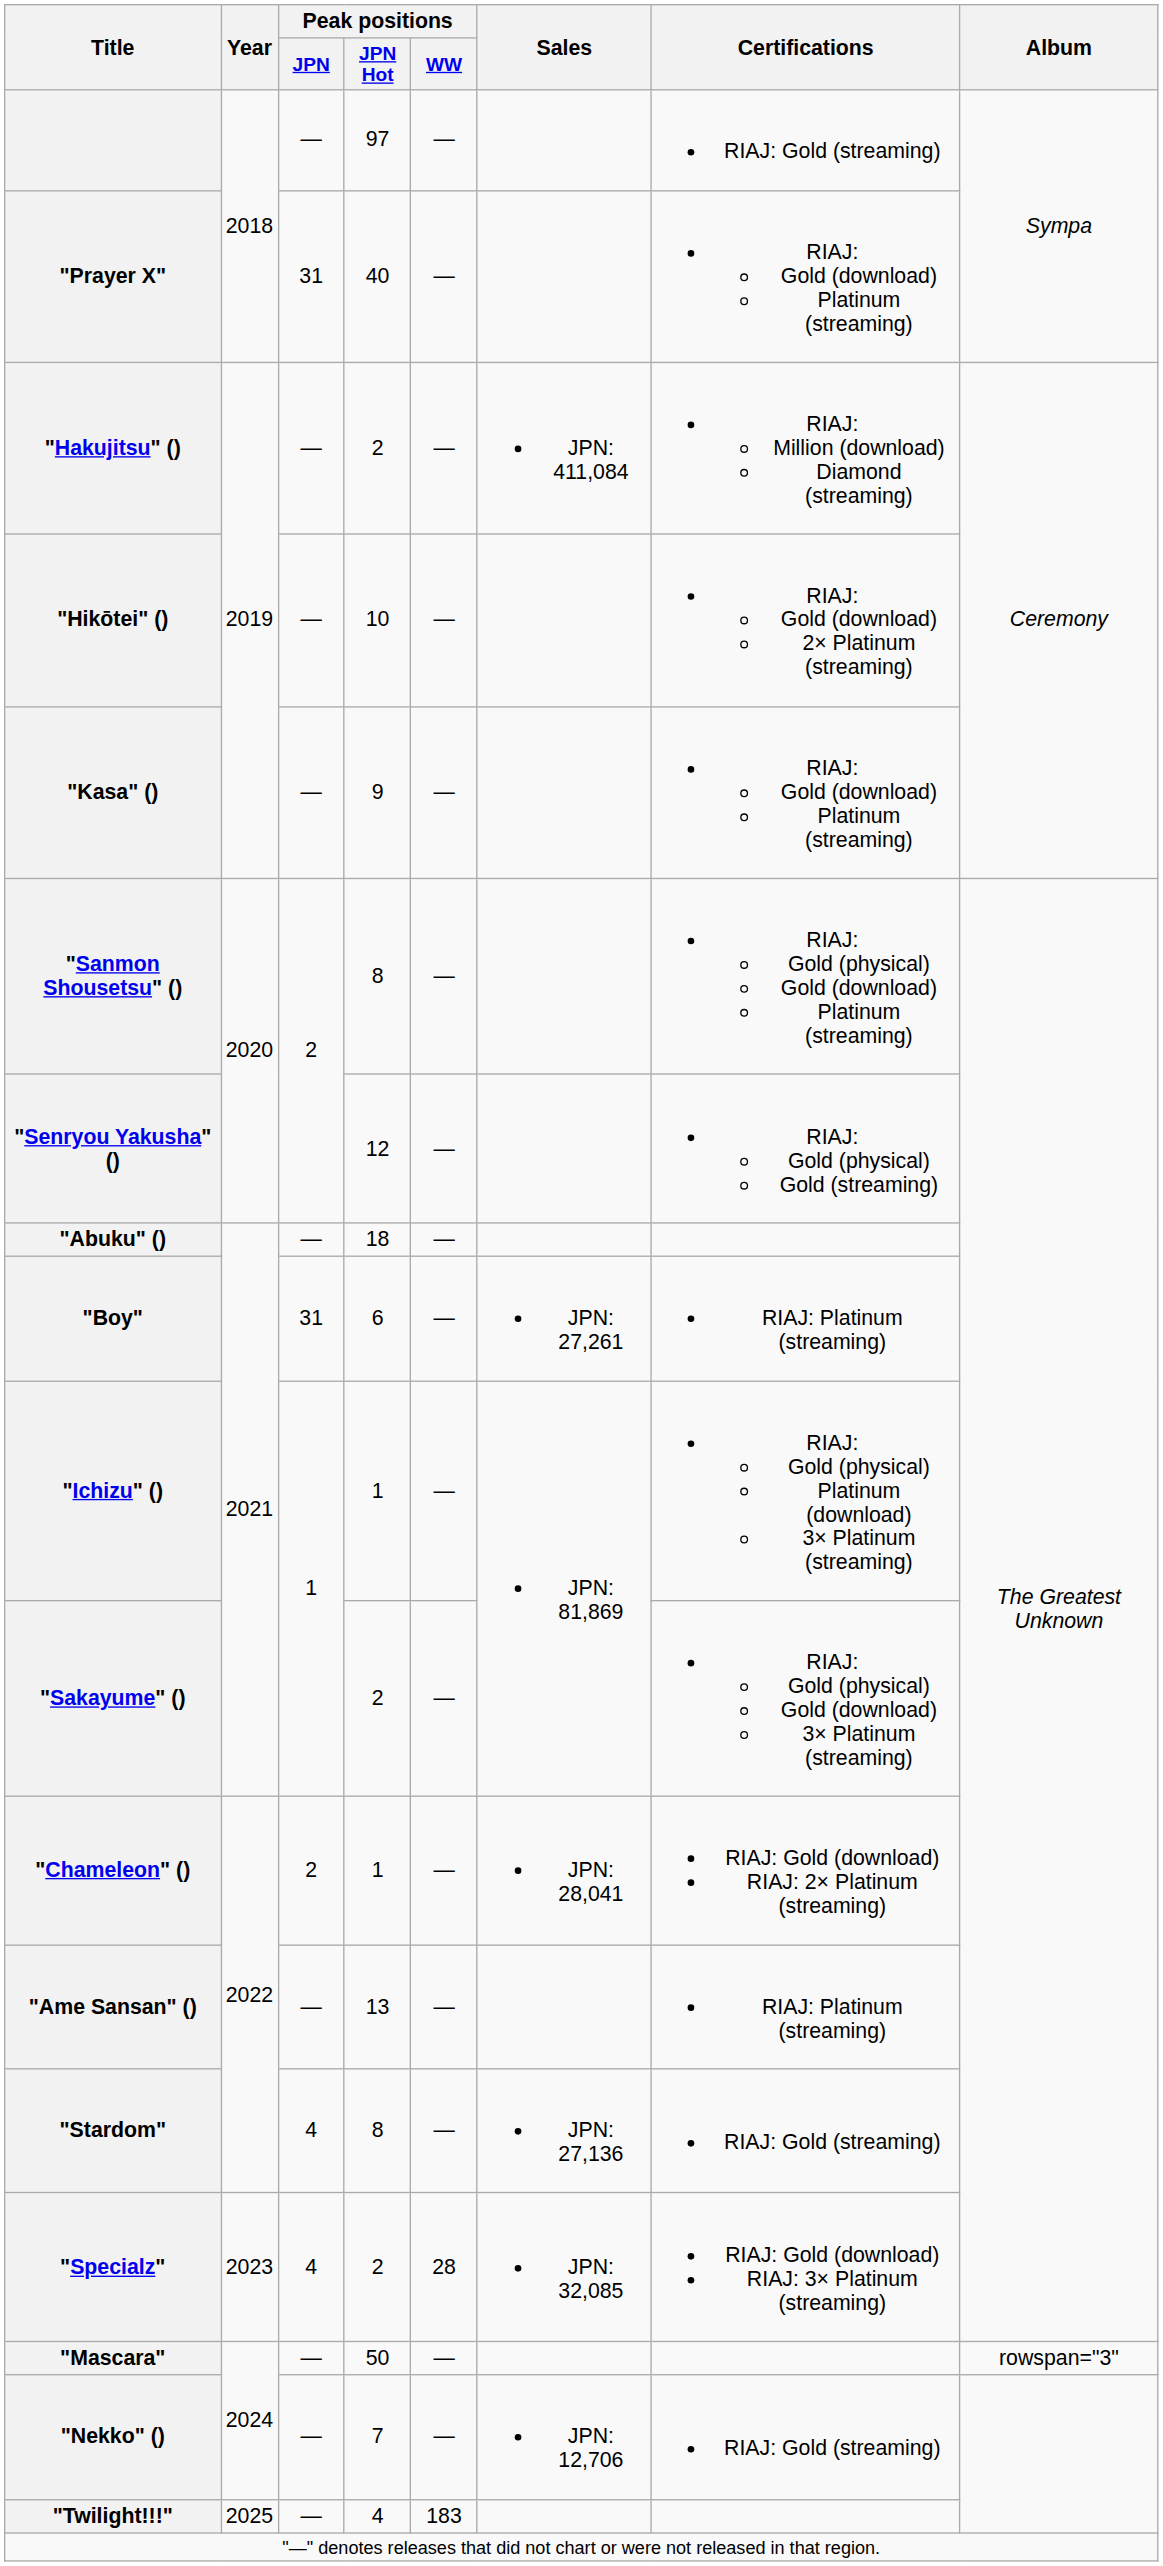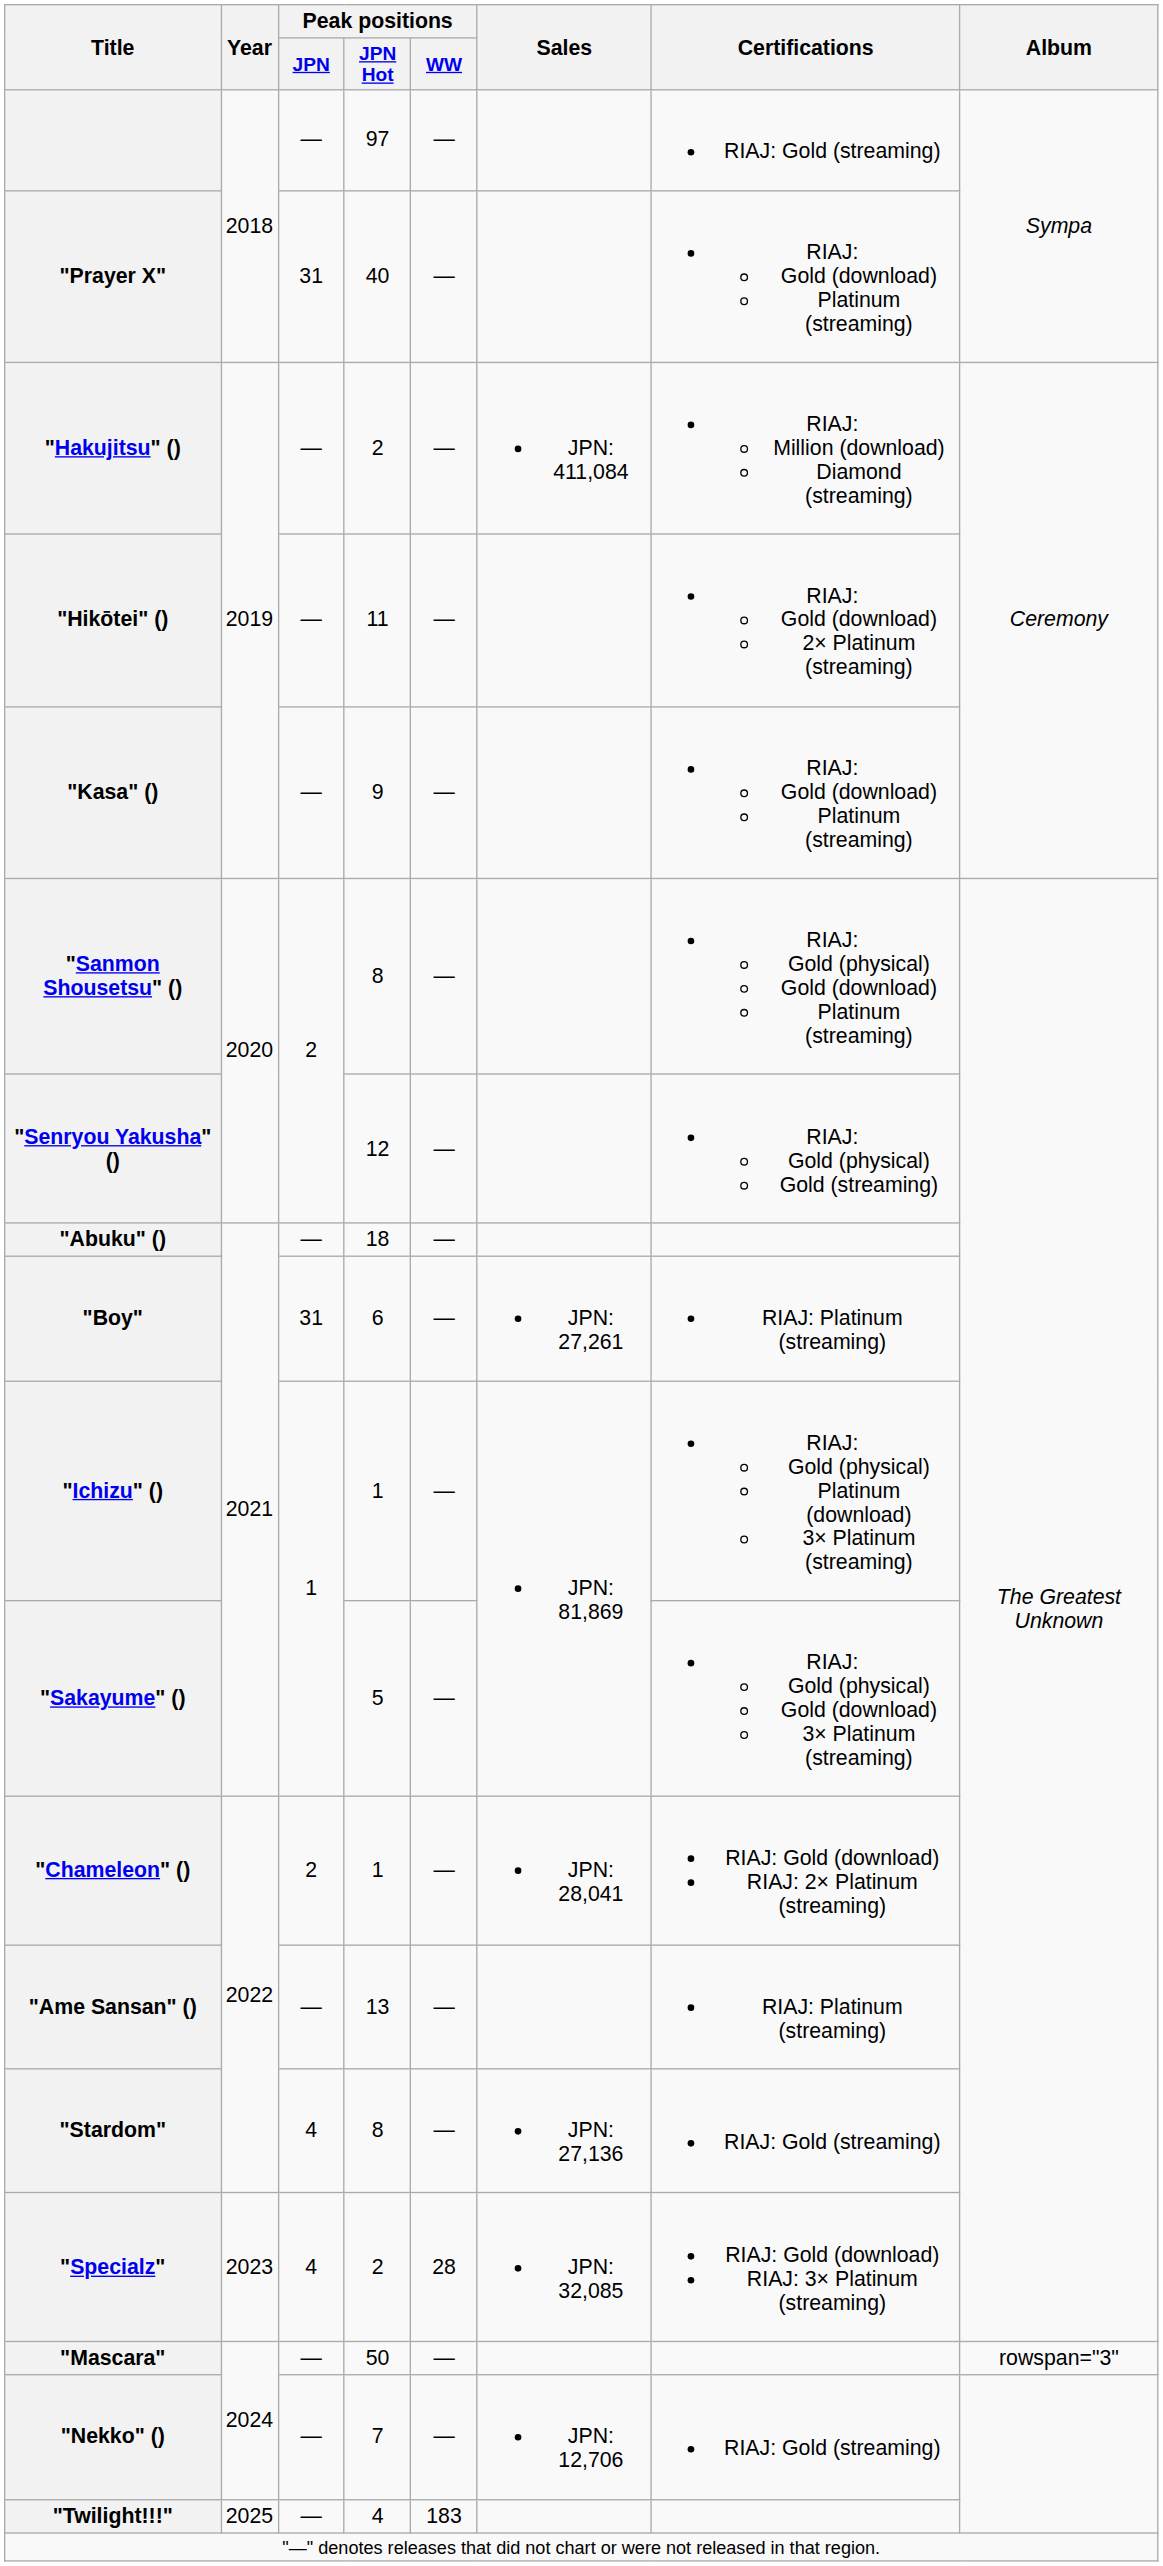 <table class="wikitable plainrowheaders" style="text-align:center;">
 <tr>
 <th scope="col" rowspan="2">Title</th>
 <th scope="col" rowspan="2">Year</th>
 <th scope="col" colspan="3">Peak positions</th>
 <th scope="col" rowspan="2">Sales</th>
 <th scope="col" rowspan="2">Certifications</th>
 <th scope="col" rowspan="2">Album</th>
 </tr>
 <tr>
 <th scope="col" style="width:3em;font-size:90%;"><a href='#'>JPN</a><br></th>
 <th scope="col" style="width:3em;font-size:90%;"><a href='#'>JPN<br>Hot</a><br></th>
 <th scope="col" style="width:3em;font-size:90%;"><a href='#'>WW</a><br></th>
 </tr>
 <tr>
 <th scope="row"></th>
 <td rowspan="2">2018</td>
 <td>—</td>
 <td>97</td>
 <td>—</td>
 <td></td>
 <td><br><ul><li>RIAJ: Gold (streaming)</li></ul></td>
 <td rowspan="2"><em>Sympa</em></td>
 </tr>
 <tr>
 <th scope="row">"Prayer X"</th>
 <td>31</td>
 <td>40</td>
 <td>—</td>
 <td></td>
 <td><br><ul><li>RIAJ:<ul><li>Gold (download)</li><li>Platinum (streaming)</li></ul></li></ul></td>
 </tr>
 <tr>
 <th scope="row">"<a href='#'>Hakujitsu</a>" ()</th>
 <td rowspan="3">2019</td>
 <td>—</td>
 <td>2</td>
 <td>—</td>
 <td><br><ul><li>JPN: 411,084</li></ul></td>
 <td><br><ul><li>RIAJ:<ul><li>Million (download)</li><li>Diamond (streaming)</li></ul></li></ul></td>
 <td rowspan="3"><em>Ceremony</em></td>
 </tr>
 <tr>
 <th scope="row">"Hikōtei" ()</th>
 <td>—</td>
-<td>10</td>
+<td>11</td>
 <td>—</td>
 <td></td>
 <td><br><ul><li>RIAJ:<ul><li>Gold (download)</li><li>2× Platinum (streaming)</li></ul></li></ul></td>
 </tr>
 <tr>
 <th scope="row">"Kasa" ()</th>
 <td>—</td>
 <td>9</td>
 <td>—</td>
 <td></td>
 <td><br><ul><li>RIAJ:<ul><li>Gold (download)</li><li>Platinum (streaming)</li></ul></li></ul></td>
 </tr>
 <tr>
 <th scope="row">"<a href='#'>Sanmon Shousetsu</a>" ()</th>
 <td rowspan="2">2020</td>
 <td rowspan="2">2</td>
 <td>8</td>
 <td>—</td>
 <td></td>
 <td><br><ul><li>RIAJ:<ul><li>Gold (physical)</li><li>Gold (download)</li><li>Platinum (streaming)</li></ul></li></ul></td>
 <td rowspan="10"><em>The Greatest Unknown</em></td>
 </tr>
 <tr>
 <th scope="row">"<a href='#'>Senryou Yakusha</a>" ()</th>
 <td>12</td>
 <td>—</td>
 <td></td>
 <td><br><ul><li>RIAJ:<ul><li>Gold (physical)</li><li>Gold (streaming)</li></ul></li></ul></td>
 </tr>
 <tr>
 <th scope="row">"Abuku" ()</th>
 <td rowspan="4">2021</td>
 <td>—</td>
 <td>18</td>
 <td>—</td>
 <td></td>
 <td></td>
 </tr>
 <tr>
 <th scope="row">"Boy"</th>
 <td>31</td>
 <td>6</td>
 <td>—</td>
 <td><br><ul><li>JPN: 27,261</li></ul></td>
 <td><br><ul><li>RIAJ: Platinum (streaming)</li></ul></td>
 </tr>
 <tr>
 <th scope="row">"<a href='#'>Ichizu</a>" ()</th>
 <td rowspan="2">1</td>
 <td>1</td>
 <td>—</td>
 <td rowspan="2"><br><ul><li>JPN: 81,869</li></ul></td>
 <td><br><ul><li>RIAJ:<ul><li>Gold (physical)</li><li>Platinum (download)</li><li>3× Platinum (streaming)</li></ul></li></ul></td>
 </tr>
 <tr>
 <th scope="row">"<a href='#'>Sakayume</a>" ()</th>
-<td>2</td>
+<td>5</td>
 <td>—</td>
 <td><br><ul><li>RIAJ:<ul><li>Gold (physical)</li><li>Gold (download)</li><li>3× Platinum (streaming)</li></ul></li></ul></td>
 </tr>
 <tr>
 <th scope="row">"<a href='#'>Chameleon</a>" ()</th>
 <td rowspan="3">2022</td>
 <td>2</td>
 <td>1</td>
 <td>—</td>
 <td><br><ul><li>JPN: 28,041</li></ul></td>
 <td><br><ul><li>RIAJ: Gold (download)</li><li>RIAJ: 2× Platinum (streaming)</li></ul></td>
 </tr>
 <tr>
 <th scope="row">"Ame Sansan" ()</th>
 <td>—</td>
 <td>13</td>
 <td>—</td>
 <td></td>
 <td><br><ul><li>RIAJ: Platinum (streaming)</li></ul></td>
 </tr>
 <tr>
 <th scope="row">"Stardom"</th>
 <td>4</td>
 <td>8</td>
 <td>—</td>
 <td><br><ul><li>JPN: 27,136</li></ul></td>
 <td><br><ul><li>RIAJ: Gold (streaming)</li></ul></td>
 </tr>
 <tr>
 <th scope="row">"<a href='#'>Specialz</a>"</th>
 <td>2023</td>
 <td>4</td>
 <td>2</td>
 <td>28</td>
 <td><br><ul><li>JPN: 32,085</li></ul></td>
 <td><br><ul><li>RIAJ: Gold (download)</li><li>RIAJ: 3× Platinum (streaming)</li></ul></td>
 </tr>
 <tr>
 <th scope="row">"Mascara"</th>
 <td rowspan="2">2024</td>
 <td>—</td>
 <td>50</td>
 <td>—</td>
 <td></td>
 <td></td>
 <td>rowspan="3" </td>
 </tr>
 <tr>
 <th scope="row">"Nekko" ()</th>
 <td>—</td>
 <td>7</td>
 <td>—</td>
 <td><br><ul><li>JPN: 12,706 </li></ul></td>
 <td><br><ul><li>RIAJ: Gold (streaming)</li></ul></td>
 </tr>
 <tr>
 <th scope="row">"Twilight!&excl;!"</th>
 <td>2025</td>
 <td>—</td>
 <td>4</td>
 <td>183</td>
 <td></td>
 <td></td>
 </tr>
 <tr>
 <td colspan="8" style="font-size:85%">"—" denotes releases that did not chart or were not released in that region.</td>
 </tr>
 </table>
